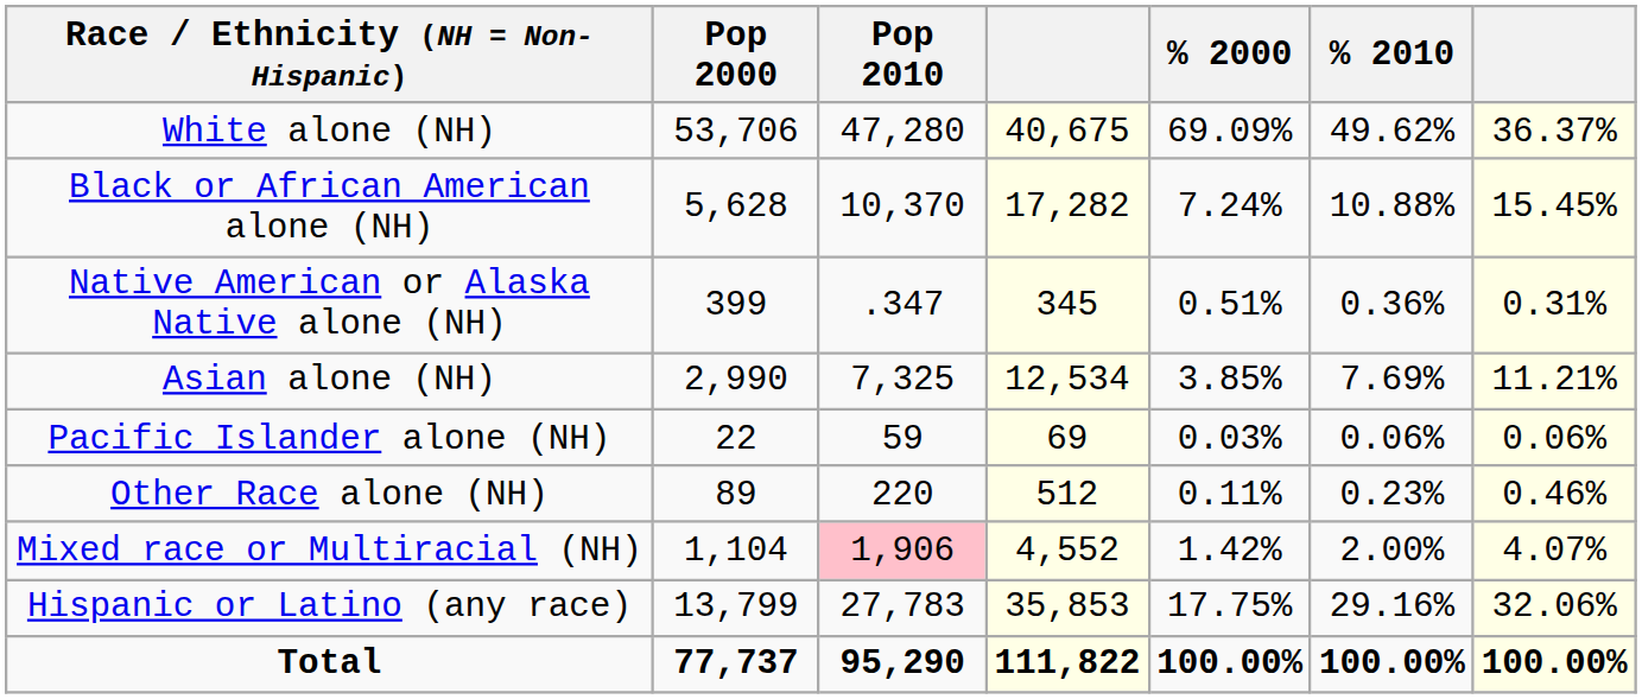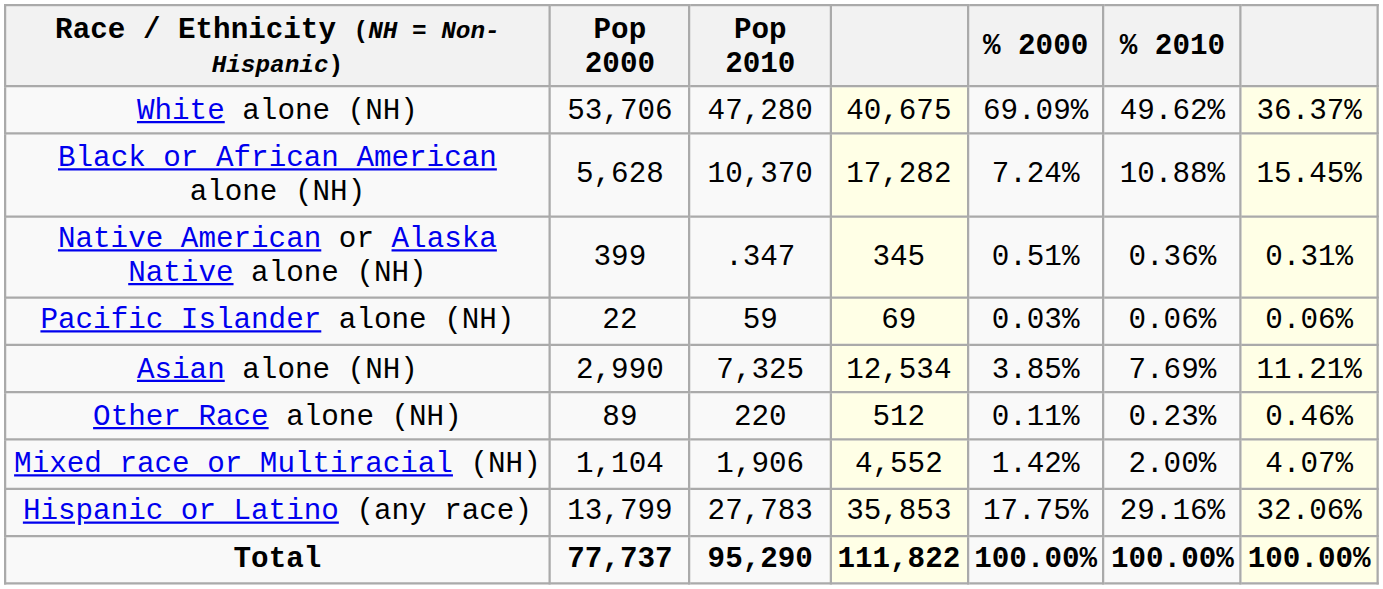 <table class="wikitable" style="text-align:center;">
 <tr>
 <th>Race / Ethnicity <small>(<em>NH = Non-Hispanic</em>)</small></th>
 <th>Pop 2000</th>
 <th>Pop 2010</th>
 <th></th>
 <th>% 2000</th>
 <th>% 2010</th>
 <th></th>
 </tr>
 <tr>
 <td><a href='#'>White</a> alone (NH)</td>
 <td>53,706</td>
 <td>47,280</td>
 <td style='background: #ffffe6;'>40,675</td>
 <td>69.09%</td>
 <td>49.62%</td>
 <td style='background: #ffffe6;'>36.37%</td>
 </tr>
 <tr>
 <td><a href='#'>Black or African American</a> alone (NH)</td>
 <td>5,628</td>
 <td>10,370</td>
 <td style='background: #ffffe6;'>17,282</td>
 <td>7.24%</td>
 <td>10.88%</td>
 <td style='background: #ffffe6;'>15.45%</td>
 </tr>
 <tr>
 <td><a href='#'>Native American</a> or <a href='#'>Alaska Native</a> alone (NH)</td>
 <td>399</td>
 <td>.347</td>
 <td style='background: #ffffe6;'>345</td>
 <td>0.51%</td>
 <td>0.36%</td>
 <td style='background: #ffffe6;'>0.31%</td>
 </tr>
 <tr>
+<td><a href='#'>Pacific Islander</a> alone (NH)</td>
+<td>22</td>
+<td>59</td>
+<td style='background: #ffffe6;'>69</td>
+<td>0.03%</td>
+<td>0.06%</td>
+<td style='background: #ffffe6;'>0.06%</td>
+</tr>
+<tr>
 <td><a href='#'>Asian</a> alone (NH)</td>
 <td>2,990</td>
 <td>7,325</td>
 <td style='background: #ffffe6;'>12,534</td>
 <td>3.85%</td>
 <td>7.69%</td>
 <td style='background: #ffffe6;'>11.21%</td>
-</tr>
-<tr>
-<td><a href='#'>Pacific Islander</a> alone (NH)</td>
-<td>22</td>
-<td>59</td>
-<td style='background: #ffffe6;'>69</td>
-<td>0.03%</td>
-<td>0.06%</td>
-<td style='background: #ffffe6;'>0.06%</td>
 </tr>
 <tr>
 <td><a href='#'>Other Race</a> alone (NH)</td>
 <td>89</td>
 <td>220</td>
 <td style='background: #ffffe6;'>512</td>
 <td>0.11%</td>
 <td>0.23%</td>
 <td style='background: #ffffe6;'>0.46%</td>
 </tr>
 <tr>
 <td><a href='#'>Mixed race or Multiracial</a> (NH)</td>
 <td>1,104</td>
-<td style="background: pink;">1,906</td>
+<td>1,906</td>
 <td style='background: #ffffe6;'>4,552</td>
 <td>1.42%</td>
 <td>2.00%</td>
 <td style='background: #ffffe6;'>4.07%</td>
 </tr>
 <tr>
 <td><a href='#'>Hispanic or Latino</a> (any race)</td>
 <td>13,799</td>
 <td>27,783</td>
 <td style='background: #ffffe6;'>35,853</td>
 <td>17.75%</td>
 <td>29.16%</td>
 <td style='background: #ffffe6;'>32.06%</td>
 </tr>
 <tr>
 <td><strong>Total</strong></td>
 <td><strong>77,737</strong></td>
 <td><strong>95,290</strong></td>
 <td style='background: #ffffe6;'><strong>111,822</strong></td>
 <td><strong>100.00%</strong></td>
 <td><strong>100.00%</strong></td>
 <td style='background: #ffffe6;'><strong>100.00%</strong></td>
 </tr>
 </table>
